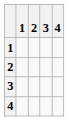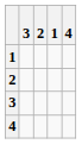 <table class="wikitable" style="vertical-align: bottom;">
 <tr>
 <th></th>
+<th><br>3</th>
+<th><br>2</th>
 <th><br>1</th>
-<th><br>2</th>
-<th><br>3</th>
 <th><br>4</th>
 </tr>
 <tr>
 <th>1 </th>
 <td></td>
 <td></td>
 <td></td>
 <td></td>
 </tr>
 <tr>
 <th>2 </th>
 <td></td>
 <td></td>
 <td></td>
 <td></td>
 </tr>
 <tr>
 <th>3 </th>
 <td></td>
 <td></td>
 <td></td>
 <td></td>
 </tr>
 <tr>
 <th>4 </th>
 <td></td>
 <td></td>
 <td></td>
 <td></td>
 </tr>
 </table>
